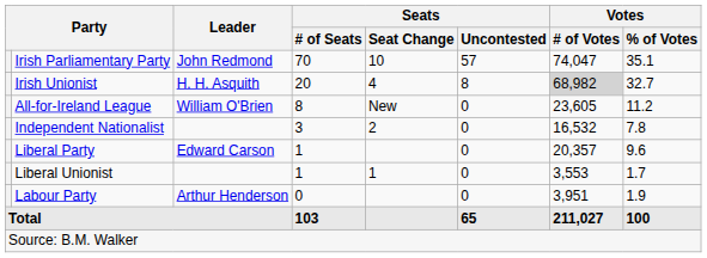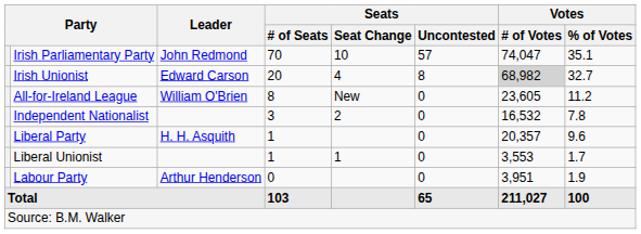 <table class="wikitable">
 <tr>
 <th rowspan="2" colspan="2">Party</th>
 <th rowspan="2">Leader</th>
 <th colspan="3">Seats</th>
 <th colspan="3">Votes</th>
 </tr>
 <tr>
 <th># of Seats</th>
 <th>Seat Change</th>
 <th>Uncontested</th>
 <th># of Votes</th>
 <th>% of Votes</th>
 </tr>
 <tr>
 <th style="background-color: "></th>
 <td><a href='#'>Irish Parliamentary Party</a></td>
 <td><a href='#'>John Redmond</a></td>
 <td>70</td>
 <td> 10</td>
 <td>57</td>
 <td>74,047</td>
 <td>35.1</td>
 </tr>
 <tr>
 <th style="background-color: "></th>
 <td><a href='#'>Irish Unionist</a></td>
-<td><a href='#'>H. H. Asquith</a></td>
+<td><a href='#'>Edward Carson</a></td>
 <td>20</td>
 <td> 4</td>
 <td>8</td>
 <td style="background: lightgrey;">68,982</td>
 <td>32.7</td>
 </tr>
 <tr>
 <th style="background-color: "></th>
 <td><a href='#'>All-for-Ireland League</a></td>
 <td><a href='#'>William O'Brien</a></td>
 <td>8</td>
 <td>New</td>
 <td>0</td>
 <td>23,605</td>
 <td>11.2</td>
 </tr>
 <tr>
 <th style="background-color: "></th>
 <td><a href='#'>Independent Nationalist</a></td>
 <td></td>
 <td>3</td>
 <td> 2</td>
 <td>0</td>
 <td>16,532</td>
 <td>7.8</td>
 </tr>
 <tr>
 <th style="background-color: "></th>
 <td><a href='#'>Liberal Party</a></td>
-<td><a href='#'>Edward Carson</a></td>
+<td><a href='#'>H. H. Asquith</a></td>
 <td>1</td>
 <td></td>
 <td>0</td>
 <td>20,357</td>
 <td>9.6</td>
 </tr>
 <tr>
 <th style="background-color: "></th>
 <td>Liberal Unionist</td>
 <td></td>
 <td>1</td>
 <td> 1</td>
 <td>0</td>
 <td>3,553</td>
 <td>1.7</td>
 </tr>
 <tr>
 <th style="background-color: "></th>
 <td><a href='#'>Labour Party</a></td>
 <td><a href='#'>Arthur Henderson</a></td>
 <td>0</td>
 <td></td>
 <td>0</td>
 <td>3,951</td>
 <td>1.9</td>
 </tr>
 <tr class="sortbottom" style="font-weight:bold; background:rgb(232,232,232);">
 <td colspan=3>Total</td>
 <td>103</td>
 <td></td>
 <td>65</td>
 <td>211,027</td>
 <td>100</td>
 </tr>
 <tr style="background-color:#F6F6F6">
 <td colspan="9" align="left">Source: B.M. Walker</td>
 </tr>
 </table>
